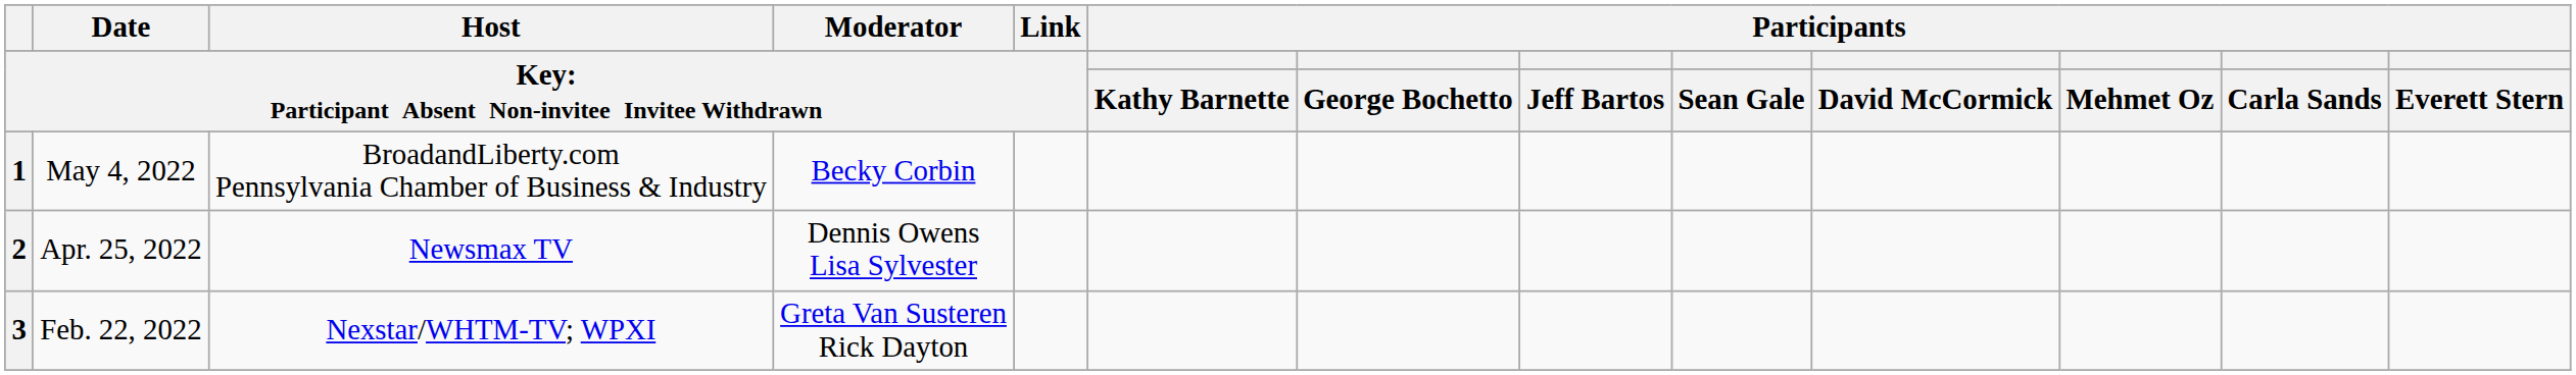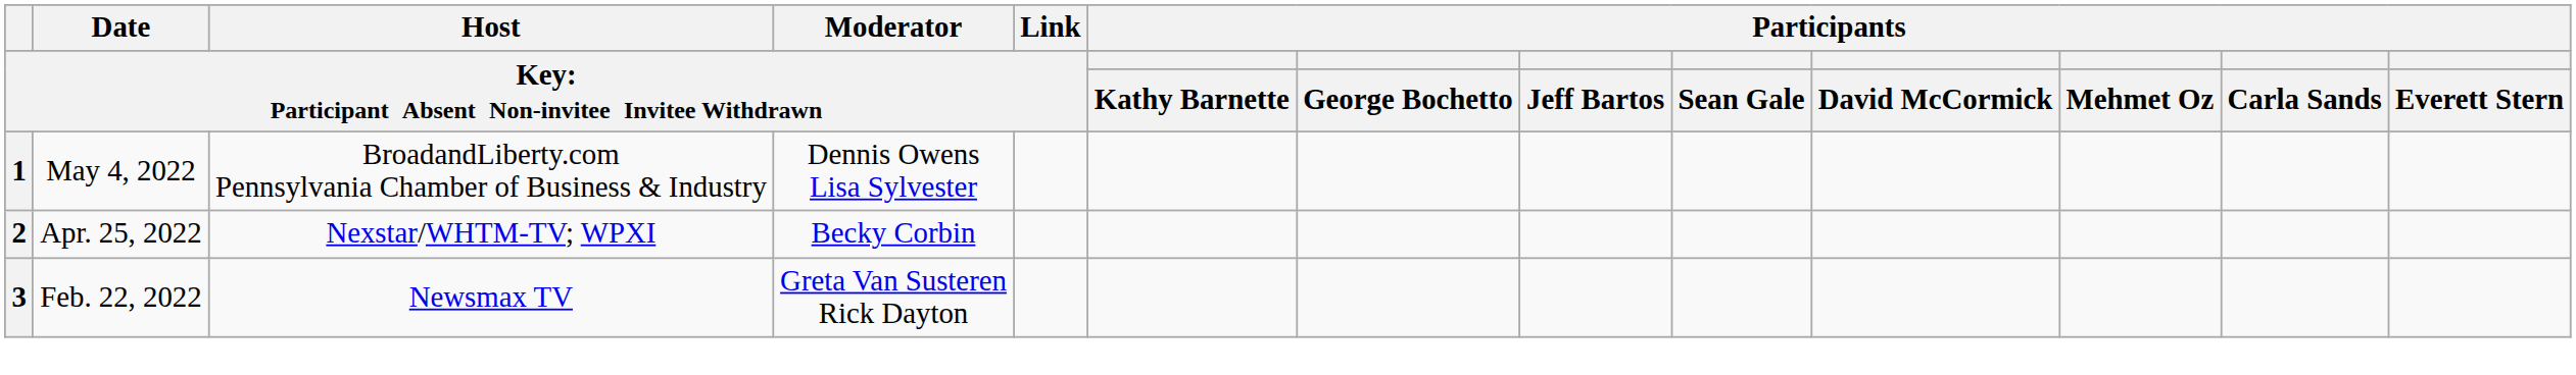 <table class="wikitable" style="text-align:center;">
 <tr>
 <th scope="col"></th>
 <th scope="col">Date</th>
 <th scope="col">Host</th>
 <th scope="col">Moderator</th>
 <th scope="col">Link</th>
 <th colspan="8" scope="col">Participants</th>
 </tr>
 <tr>
 <th colspan="5" rowspan="2">Key:<br> <small>Participant </small>  <small>Absent </small>  <small>Non-invitee </small>  <small>Invitee  Withdrawn</small></th>
 <th scope="col" style="background:"></th>
 <th scope="col" style="background:"></th>
 <th scope="col" style="background:"></th>
 <th scope="col" style="background:"></th>
 <th scope="col" style="background:"></th>
 <th scope="col" style="background:"></th>
 <th scope="col" style="background:"></th>
 <th scope="col" style="background:"></th>
 </tr>
 <tr>
 <th scope="col">Kathy Barnette</th>
 <th scope="col">George Bochetto</th>
 <th scope="col">Jeff Bartos</th>
 <th scope="col">Sean Gale</th>
 <th scope="col">David McCormick</th>
 <th scope="col">Mehmet Oz</th>
 <th scope="col">Carla Sands</th>
 <th scope="col">Everett Stern</th>
 </tr>
 <tr>
 <th scope="row">1</th>
 <td style="white-space:nowrap;">May 4, 2022</td>
 <td style="white-space:nowrap;">BroadandLiberty.com<br>Pennsylvania Chamber of Business & Industry</td>
-<td style="white-space:nowrap;"><a href='#'>Becky Corbin</a></td>
+<td style="white-space:nowrap;">Dennis Owens<br><a href='#'>Lisa Sylvester</a></td>
 <td style="white-space:nowrap;"></td>
 <td></td>
 <td></td>
 <td></td>
 <td></td>
 <td></td>
 <td></td>
 <td></td>
 <td></td>
 </tr>
 <tr>
 <th scope="row">2</th>
 <td style="white-space:nowrap;">Apr. 25, 2022</td>
-<td style="white-space:nowrap;"><a href='#'>Newsmax TV</a></td>
-<td style="white-space:nowrap;">Dennis Owens<br><a href='#'>Lisa Sylvester</a></td>
+<td style="white-space:nowrap;"><a href='#'>Nexstar</a>/<a href='#'>WHTM-TV</a>; <a href='#'>WPXI</a></td>
+<td style="white-space:nowrap;"><a href='#'>Becky Corbin</a></td>
 <td style="white-space:nowrap;"></td>
 <td></td>
 <td></td>
 <td></td>
 <td></td>
 <td></td>
 <td></td>
 <td></td>
 <td></td>
 </tr>
 <tr>
 <th scope="row">3</th>
 <td style="white-space:nowrap;">Feb. 22, 2022</td>
-<td style="white-space:nowrap;"><a href='#'>Nexstar</a>/<a href='#'>WHTM-TV</a>; <a href='#'>WPXI</a></td>
+<td style="white-space:nowrap;"><a href='#'>Newsmax TV</a></td>
 <td style="white-space:nowrap;"><a href='#'>Greta Van Susteren</a><br>Rick Dayton</td>
 <td style="white-space:nowrap;"></td>
 <td></td>
 <td></td>
 <td></td>
 <td></td>
 <td></td>
 <td></td>
 <td></td>
 <td></td>
 </tr>
 </table>
